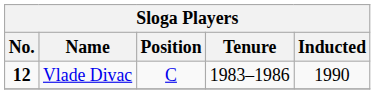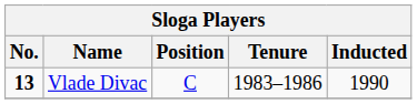 <table class="wikitable" style="text-align:center">
 <tr>
 <th colspan="5">Sloga Players</th>
 </tr>
 <tr>
 <th>No.</th>
 <th>Name</th>
 <th>Position</th>
 <th>Tenure</th>
 <th>Inducted</th>
 </tr>
 <tr>
-<td><strong>12</strong></td>
+<td><strong>13</strong></td>
 <td><a href='#'>Vlade Divac</a></td>
 <td><a href='#'>C</a></td>
 <td>1983–1986</td>
 <td>1990</td>
 </tr>
 <tr>
 </tr>
 </table>
